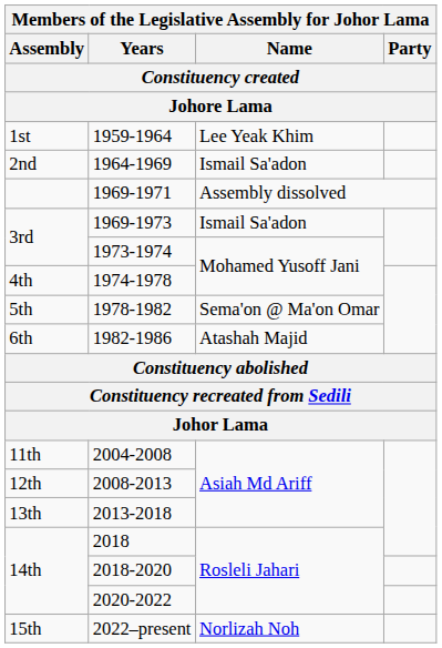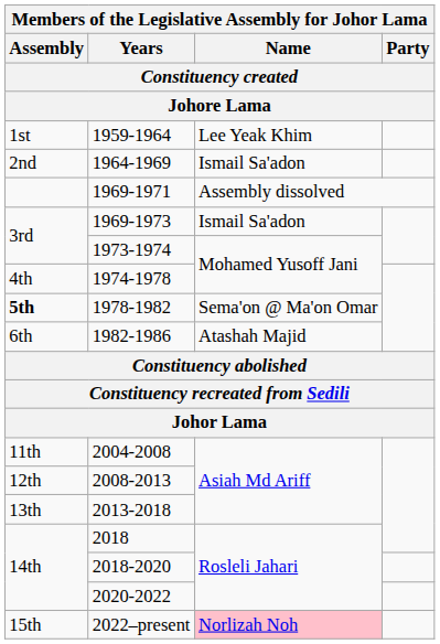 <table class="wikitable">
 <tr>
 <th colspan="4">Members of the Legislative Assembly for Johor Lama</th>
 </tr>
 <tr>
 <th>Assembly</th>
 <th>Years</th>
 <th>Name</th>
 <th>Party</th>
 </tr>
 <tr>
 <th colspan="4"><em>Constituency created</em></th>
 </tr>
 <tr>
 <th colspan="4">Johore Lama</th>
 </tr>
 <tr>
 <td>1st</td>
 <td>1959-1964</td>
 <td>Lee Yeak Khim</td>
 <td></td>
 </tr>
 <tr>
 <td>2nd</td>
 <td>1964-1969</td>
 <td>Ismail Sa'adon</td>
 <td></td>
 </tr>
 <tr>
 <td></td>
 <td>1969-1971</td>
 <td colspan="2">Assembly dissolved</td>
 </tr>
 <tr>
 <td rowspan="2">3rd</td>
 <td>1969-1973</td>
 <td>Ismail Sa'adon</td>
 <td rowspan="2"></td>
 </tr>
 <tr>
 <td>1973-1974</td>
 <td rowspan="2">Mohamed Yusoff Jani</td>
 </tr>
 <tr>
 <td>4th</td>
 <td>1974-1978</td>
 <td rowspan="3"></td>
 </tr>
 <tr>
-<td>5th</td>
+<td><strong>5th</strong></td>
 <td>1978-1982</td>
 <td>Sema'on @ Ma'on Omar</td>
 </tr>
 <tr>
 <td>6th</td>
 <td>1982-1986</td>
 <td>Atashah Majid</td>
 </tr>
 <tr>
 <th colspan="4"><em>Constituency abolished</em></th>
 </tr>
 <tr>
 <th colspan="4"><em>Constituency recreated from <a href='#'>Sedili</a></em></th>
 </tr>
 <tr>
 <th colspan="4">Johor Lama</th>
 </tr>
 <tr>
 <td>11th</td>
 <td>2004-2008</td>
 <td rowspan="3"><a href='#'>Asiah Md Ariff</a></td>
 <td rowspan="4"></td>
 </tr>
 <tr>
 <td>12th</td>
 <td>2008-2013</td>
 </tr>
 <tr>
 <td>13th</td>
 <td>2013-2018</td>
 </tr>
 <tr>
 <td rowspan="3">14th</td>
 <td>2018</td>
 <td rowspan="3"><a href='#'>Rosleli Jahari</a></td>
 </tr>
 <tr>
 <td>2018-2020</td>
 <td></td>
 </tr>
 <tr>
 <td>2020-2022</td>
 <td></td>
 </tr>
 <tr>
 <td>15th</td>
 <td>2022–present</td>
-<td><a href='#'>Norlizah Noh</a></td>
+<td style="background: pink;"><a href='#'>Norlizah Noh</a></td>
 <td></td>
 </tr>
 </table>
